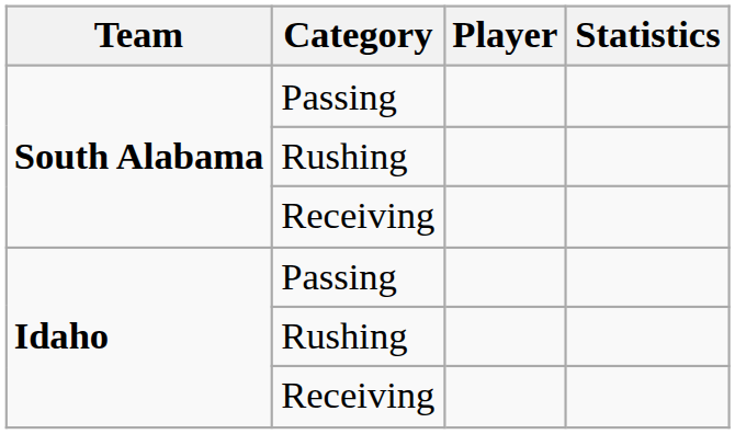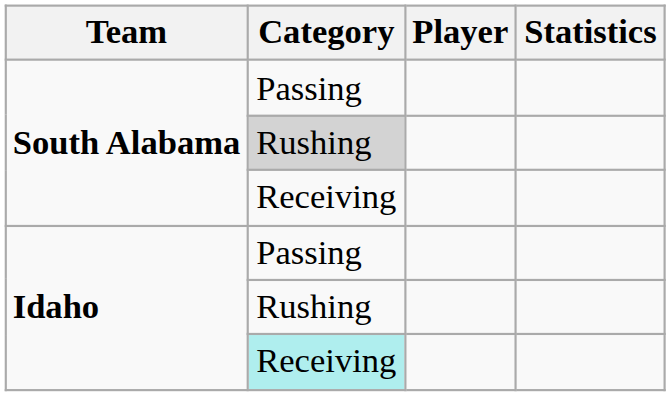 <table class="wikitable" style="float: right;">
 <tr>
 <th>Team</th>
 <th>Category</th>
 <th>Player</th>
 <th>Statistics</th>
 </tr>
 <tr>
 <td rowspan=3><strong>South Alabama</strong></td>
 <td>Passing</td>
 <td></td>
 <td></td>
 </tr>
 <tr>
-<td>Rushing</td>
+<td style="background: lightgrey;">Rushing</td>
 <td></td>
 <td></td>
 </tr>
 <tr>
 <td>Receiving</td>
 <td></td>
 <td></td>
 </tr>
 <tr>
 <td rowspan=3><strong>Idaho</strong></td>
 <td>Passing</td>
 <td></td>
 <td></td>
 </tr>
 <tr>
 <td>Rushing</td>
 <td></td>
 <td></td>
 </tr>
 <tr>
-<td>Receiving</td>
+<td style="background: paleturquoise;">Receiving</td>
 <td></td>
 <td></td>
 </tr>
 </table>
